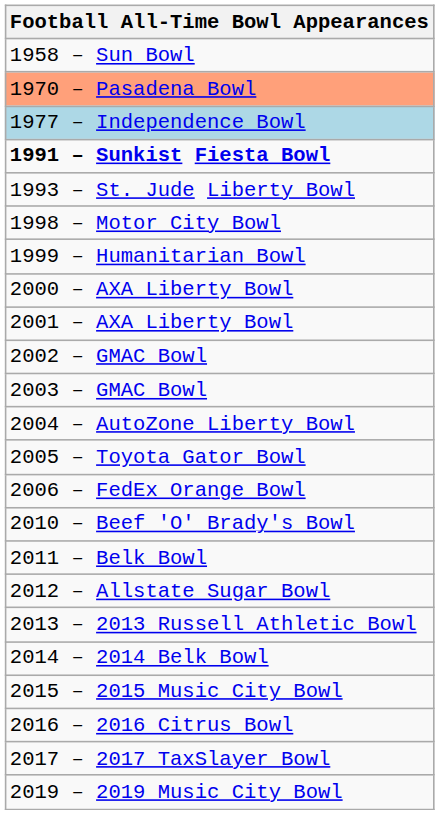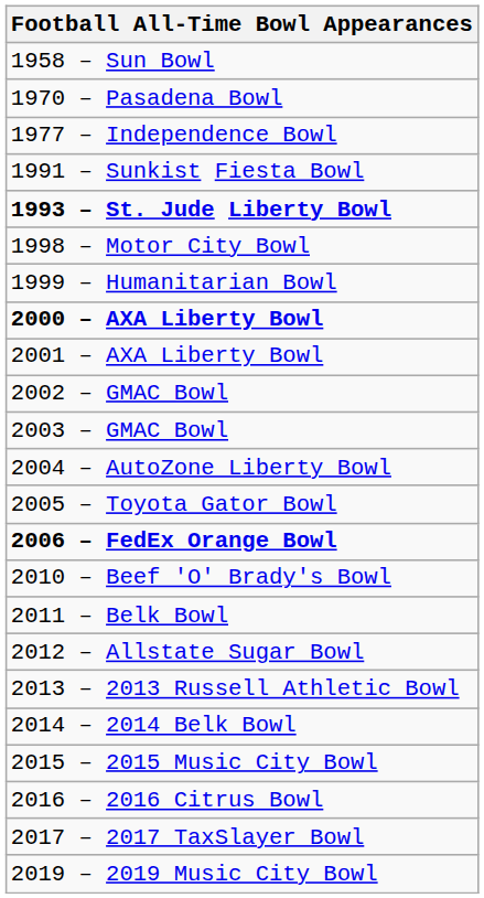 <table class="wikitable" style="float:right;">
 <tr>
 <th>Football All-Time Bowl Appearances</th>
 </tr>
 <tr>
 <td>1958 – <a href='#'>Sun Bowl</a></td>
 </tr>
 <tr>
-<td style="background: lightsalmon;">1970 – <a href='#'>Pasadena Bowl</a></td>
+<td>1970 – <a href='#'>Pasadena Bowl</a></td>
 </tr>
 <tr>
-<td style="background: lightblue;">1977 – <a href='#'>Independence Bowl</a></td>
+<td>1977 – <a href='#'>Independence Bowl</a></td>
 </tr>
 <tr>
-<td><strong>1991 – <a href='#'>Sunkist</a> <a href='#'>Fiesta Bowl</a></strong></td>
+<td>1991 – <a href='#'>Sunkist</a> <a href='#'>Fiesta Bowl</a></td>
 </tr>
 <tr>
-<td>1993 – <a href='#'>St. Jude</a> <a href='#'>Liberty Bowl</a></td>
+<td><strong>1993 – <a href='#'>St. Jude</a> <a href='#'>Liberty Bowl</a></strong></td>
 </tr>
 <tr>
 <td>1998 – <a href='#'>Motor City Bowl</a></td>
 </tr>
 <tr>
 <td>1999 – <a href='#'>Humanitarian Bowl</a></td>
 </tr>
 <tr>
-<td>2000 – <a href='#'>AXA Liberty Bowl</a></td>
+<td><strong>2000 – <a href='#'>AXA Liberty Bowl</a></strong></td>
 </tr>
 <tr>
 <td>2001 – <a href='#'>AXA Liberty Bowl</a></td>
 </tr>
 <tr>
 <td>2002 – <a href='#'>GMAC Bowl</a></td>
 </tr>
 <tr>
 <td>2003 – <a href='#'>GMAC Bowl</a></td>
 </tr>
 <tr>
 <td>2004 – <a href='#'>AutoZone Liberty Bowl</a></td>
 </tr>
 <tr>
 <td>2005 – <a href='#'>Toyota Gator Bowl</a></td>
 </tr>
 <tr>
-<td>2006 – <a href='#'>FedEx Orange Bowl</a></td>
+<td><strong>2006 – <a href='#'>FedEx Orange Bowl</a></strong></td>
 </tr>
 <tr>
 <td>2010 – <a href='#'>Beef 'O' Brady's Bowl</a></td>
 </tr>
 <tr>
 <td>2011 – <a href='#'>Belk Bowl</a></td>
 </tr>
 <tr>
 <td>2012 – <a href='#'>Allstate Sugar Bowl</a></td>
 </tr>
 <tr>
 <td>2013 – <a href='#'>2013 Russell Athletic Bowl</a></td>
 </tr>
 <tr>
 <td>2014 – <a href='#'>2014 Belk Bowl</a></td>
 </tr>
 <tr>
 <td>2015 – <a href='#'>2015 Music City Bowl</a></td>
 </tr>
 <tr>
 <td>2016 – <a href='#'>2016 Citrus Bowl</a></td>
 </tr>
 <tr>
 <td>2017 – <a href='#'>2017 TaxSlayer Bowl</a></td>
 </tr>
 <tr>
 <td>2019 – <a href='#'>2019 Music City Bowl</a></td>
 </tr>
 </table>
